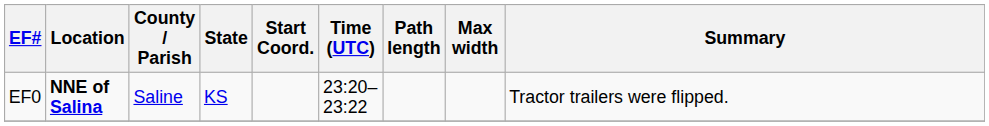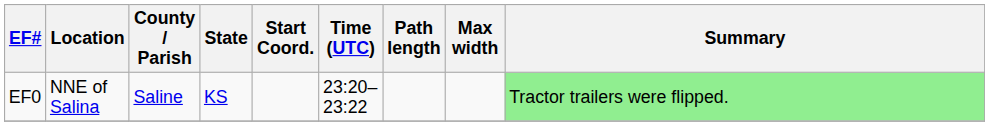 <table class="wikitable sortable" style="width:100%;">
 <tr>
 <th scope="col"  style="width:3%; text-align:center;"><a href='#'>EF#</a></th>
 <th scope="col"  style="width:7%; text-align:center;" class="unsortable">Location</th>
 <th scope="col"  style="width:6%; text-align:center;" class="unsortable">County / Parish</th>
 <th scope="col"  style="width:5%; text-align:center;">State</th>
 <th scope="col"  style="width:6%; text-align:center;">Start Coord.</th>
 <th scope="col"  style="width:6%; text-align:center;">Time (<a href='#'>UTC</a>)</th>
 <th scope="col"  style="width:6%; text-align:center;">Path length</th>
 <th scope="col"  style="width:6%; text-align:center;">Max width</th>
 <th scope="col" class="unsortable" style="width:48%; text-align:center;">Summary</th>
 </tr>
 <tr>
 <td>EF0</td>
-<td><strong>NNE of <a href='#'>Salina</a></strong></td>
+<td>NNE of <a href='#'>Salina</a></td>
 <td><a href='#'>Saline</a></td>
 <td><a href='#'>KS</a></td>
 <td></td>
 <td>23:20–23:22</td>
 <td></td>
 <td></td>
-<td>Tractor trailers were flipped.</td>
+<td style="background: lightgreen;">Tractor trailers were flipped.</td>
 </tr>
 <tr>
 </tr>
 </table>
